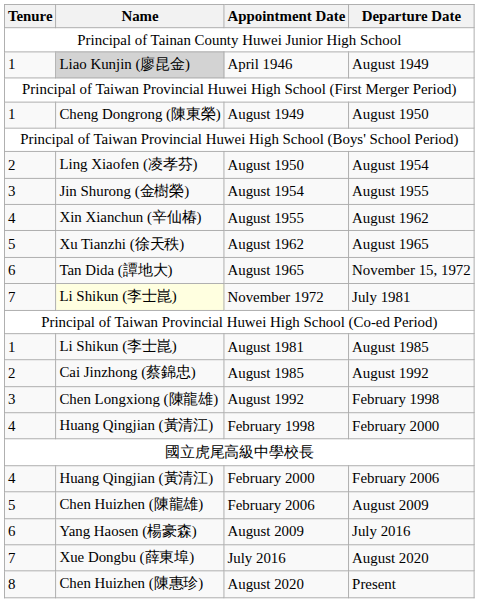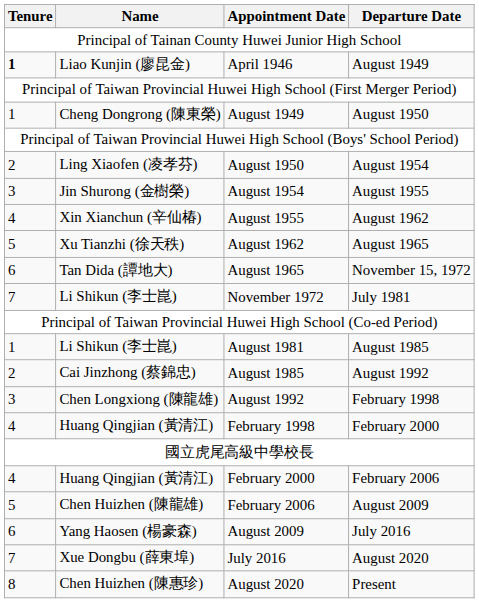 <table class="wikitable">
 <tr>
 <th>Tenure</th>
 <th>Name</th>
 <th>Appointment Date</th>
 <th>Departure Date</th>
 </tr>
 <tr>
 <td colspan="4" style="background-color:white;text-align:center;">Principal of Tainan County Huwei Junior High School</td>
 </tr>
 <tr>
-<td>1</td>
-<td style="background: lightgrey;">Liao Kunjin (廖昆金)</td>
+<td><strong>1</strong></td>
+<td>Liao Kunjin (廖昆金)</td>
 <td>April 1946</td>
 <td>August 1949</td>
 </tr>
 <tr>
 <td colspan="4" style="background-color:white;text-align:center;">Principal of Taiwan Provincial Huwei High School (First Merger Period)</td>
 </tr>
 <tr>
 <td>1</td>
 <td>Cheng Dongrong (陳東榮)</td>
 <td>August 1949</td>
 <td>August 1950</td>
 </tr>
 <tr>
 <td colspan="4" style="background-color:white;text-align:center;">Principal of Taiwan Provincial Huwei High School (Boys' School Period)</td>
 </tr>
 <tr>
 <td>2</td>
 <td>Ling Xiaofen (凌孝芬)</td>
 <td>August 1950</td>
 <td>August 1954</td>
 </tr>
 <tr>
 <td>3</td>
 <td>Jin Shurong (金樹榮)</td>
 <td>August 1954</td>
 <td>August 1955</td>
 </tr>
 <tr>
 <td>4</td>
 <td>Xin Xianchun (辛仙椿)</td>
 <td>August 1955</td>
 <td>August 1962</td>
 </tr>
 <tr>
 <td>5</td>
 <td>Xu Tianzhi (徐天秩)</td>
 <td>August 1962</td>
 <td>August 1965</td>
 </tr>
 <tr>
 <td>6</td>
 <td>Tan Dida (譚地大)</td>
 <td>August 1965</td>
 <td>November 15, 1972</td>
 </tr>
 <tr>
 <td>7</td>
-<td style="background: lightyellow;">Li Shikun (李士崑)</td>
+<td>Li Shikun (李士崑)</td>
 <td>November 1972</td>
 <td>July 1981</td>
 </tr>
 <tr>
 <td colspan="4" style="background-color:white;text-align:center;">Principal of Taiwan Provincial Huwei High School (Co-ed Period)</td>
 </tr>
 <tr>
 <td>1</td>
 <td>Li Shikun (李士崑)</td>
 <td>August 1981</td>
 <td>August 1985</td>
 </tr>
 <tr>
 <td>2</td>
 <td>Cai Jinzhong (蔡錦忠)</td>
 <td>August 1985</td>
 <td>August 1992</td>
 </tr>
 <tr>
 <td>3</td>
 <td>Chen Longxiong (陳龍雄)</td>
 <td>August 1992</td>
 <td>February 1998</td>
 </tr>
 <tr>
 <td>4</td>
 <td>Huang Qingjian (黃清江)</td>
 <td>February 1998</td>
 <td>February 2000</td>
 </tr>
 <tr>
 <td colspan="4" style="background-color:white;text-align:center;">國立虎尾高級中學校長</td>
 </tr>
 <tr>
 <td>4</td>
 <td>Huang Qingjian (黃清江)</td>
 <td>February 2000</td>
 <td>February 2006</td>
 </tr>
 <tr>
 <td>5</td>
 <td>Chen Huizhen (陳龍雄)</td>
 <td>February 2006</td>
 <td>August 2009</td>
 </tr>
 <tr>
 <td>6</td>
 <td>Yang Haosen (楊豪森)</td>
 <td>August 2009</td>
 <td>July 2016</td>
 </tr>
 <tr>
 <td>7</td>
 <td>Xue Dongbu (薛東埠)</td>
 <td>July 2016</td>
 <td>August 2020</td>
 </tr>
 <tr>
 <td>8</td>
 <td>Chen Huizhen (陳惠珍)</td>
 <td>August 2020</td>
 <td>Present</td>
 </tr>
 </table>
